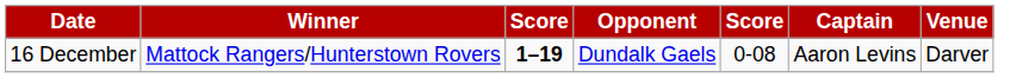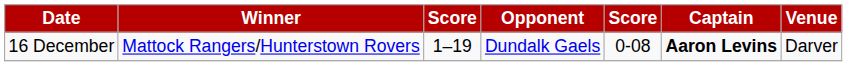 <table class="wikitable" style="text-align:center;">
 <tr>
 <th style="background:#B60000;color:white">Date</th>
 <th style="background:#B60000;color:white">Winner</th>
 <th style="background:#B60000;color:white">Score</th>
 <th style="background:#B60000;color:white">Opponent</th>
 <th style="background:#B60000;color:white">Score</th>
 <th style="background:#B60000;color:white">Captain</th>
 <th style="background:#B60000;color:white">Venue</th>
 </tr>
 <tr>
 <td>16 December</td>
 <td><a href='#'>Mattock Rangers</a>/<a href='#'>Hunterstown Rovers</a></td>
-<td><strong>1–19</strong></td>
+<td>1–19</td>
 <td><a href='#'>Dundalk Gaels</a></td>
 <td>0-08</td>
-<td>Aaron Levins</td>
+<td><strong>Aaron Levins</strong></td>
 <td>Darver</td>
 </tr>
 <tr>
 </tr>
 </table>
